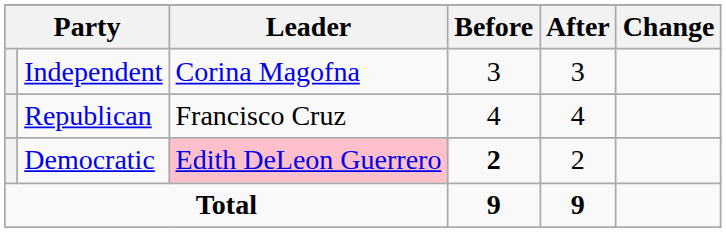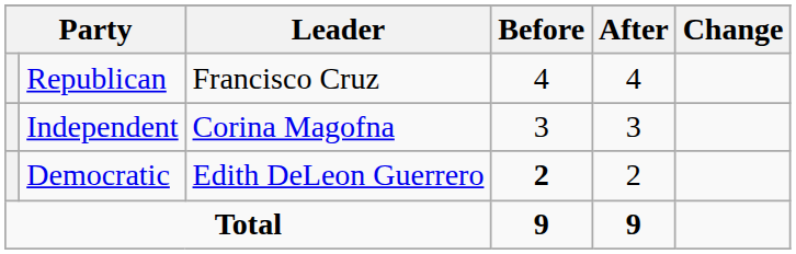 <table class="wikitable" style="text-align:center;">
 <tr>
 </tr>
 <tr>
 <th colspan="2">Party</th>
 <th>Leader</th>
 <th>Before</th>
 <th>After</th>
 <th>Change</th>
 </tr>
 <tr>
 <th style="background-color:"></th>
+<td style="text-align:left;"><a href='#'>Republican</a></td>
+<td style="text-align:left;">Francisco Cruz</td>
+<td>4</td>
+<td>4</td>
+<td></td>
+</tr>
+<tr>
+<th style="background-color:"></th>
 <td style="text-align:left;"><a href='#'>Independent</a></td>
 <td style="text-align:left;"><a href='#'>Corina Magofna</a></td>
 <td>3</td>
 <td>3</td>
 <td></td>
 </tr>
 <tr>
 <th style="background-color:"></th>
-<td style="text-align:left;"><a href='#'>Republican</a></td>
-<td style="text-align:left;">Francisco Cruz</td>
-<td>4</td>
-<td>4</td>
-<td></td>
-</tr>
-<tr>
-<th style="background-color:"></th>
 <td style="text-align:left;"><a href='#'>Democratic</a></td>
-<td style="background: pink; text-align:left;"><a href='#'>Edith DeLeon Guerrero</a></td>
+<td style="text-align:left;"><a href='#'>Edith DeLeon Guerrero</a></td>
 <td><strong>2</strong></td>
 <td>2</td>
 <td></td>
 </tr>
 <tr>
 <td colspan="3"><strong>Total</strong></td>
 <td><strong>9</strong></td>
 <td><strong>9</strong></td>
 <td></td>
 </tr>
 </table>
